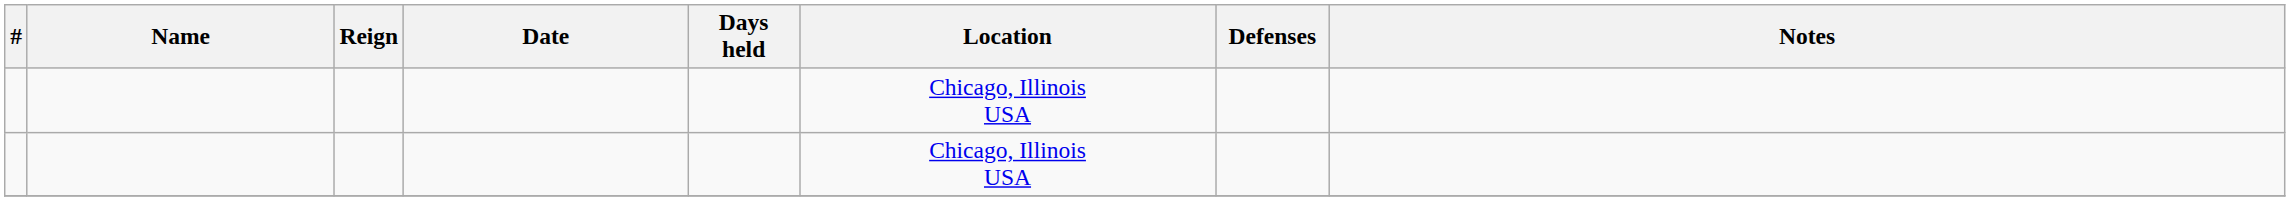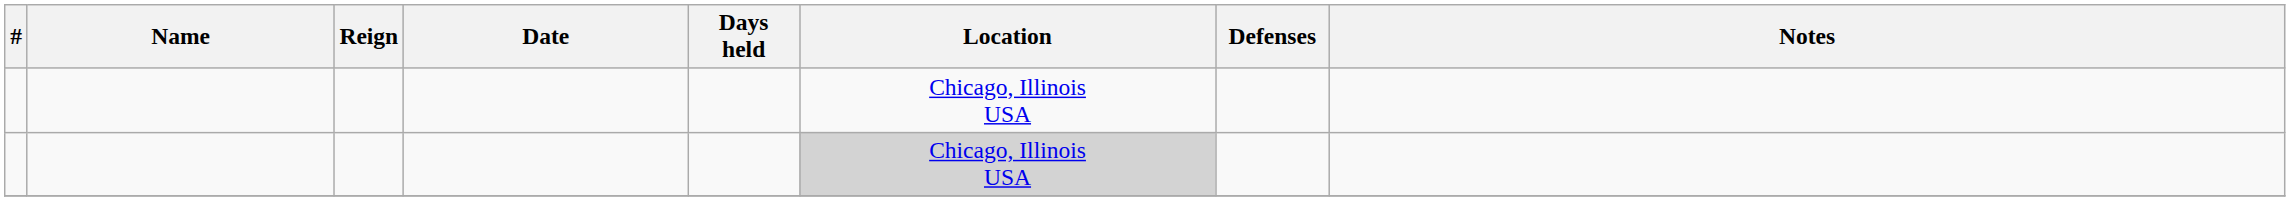 <table class="wikitable sortable" width=98% style="text-align:center;">
 <tr>
 <th width=0%>#</th>
 <th width=14%>Name</th>
 <th width=0%>Reign</th>
 <th width=13%>Date</th>
 <th width=5%>Days<br>held</th>
 <th width=19%>Location</th>
 <th width=5%>Defenses</th>
 <th width=44% class="unsortable">Notes</th>
 </tr>
 <tr>
 <td></td>
 <td></td>
 <td></td>
 <td></td>
 <td></td>
 <td><a href='#'>Chicago, Illinois</a><br><a href='#'>USA</a></td>
 <td></td>
 <td align=left></td>
 </tr>
 <tr>
 <td></td>
 <td></td>
 <td></td>
 <td></td>
 <td></td>
-<td><a href='#'>Chicago, Illinois</a><br><a href='#'>USA</a></td>
+<td style="background: lightgrey;"><a href='#'>Chicago, Illinois</a><br><a href='#'>USA</a></td>
 <td></td>
 <td align=left></td>
 </tr>
 <tr>
 </tr>
 </table>
